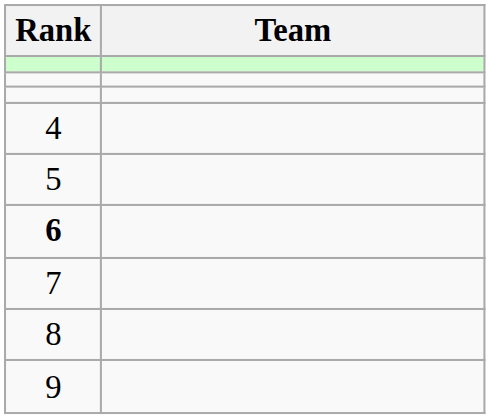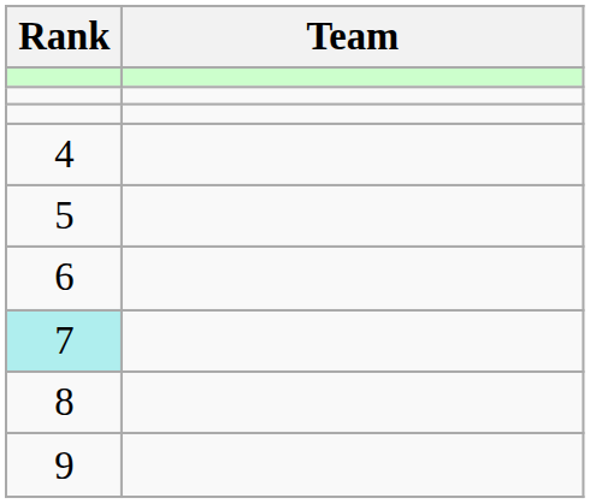 <table class="wikitable" style="text-align: center;">
 <tr>
 <th width=40>Rank</th>
 <th width=180>Team</th>
 </tr>
 <tr bgcolor=ccffcc>
 <td></td>
 <td align=left></td>
 </tr>
 <tr>
 <td></td>
 <td align=left></td>
 </tr>
 <tr>
 <td></td>
 <td align=left></td>
 </tr>
 <tr>
 <td>4</td>
 <td align=left></td>
 </tr>
 <tr>
 <td>5</td>
 <td align=left></td>
 </tr>
 <tr>
-<td><strong>6</strong></td>
+<td>6</td>
 <td align=left></td>
 </tr>
 <tr>
-<td>7</td>
+<td style="background: paleturquoise;">7</td>
 <td align=left></td>
 </tr>
 <tr>
 <td>8</td>
 <td align=left></td>
 </tr>
 <tr>
 <td>9</td>
 <td align=left></td>
 </tr>
 </table>
